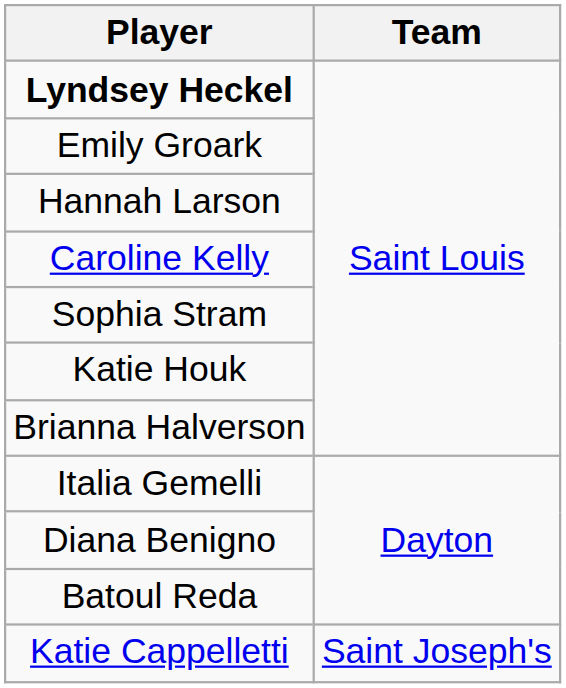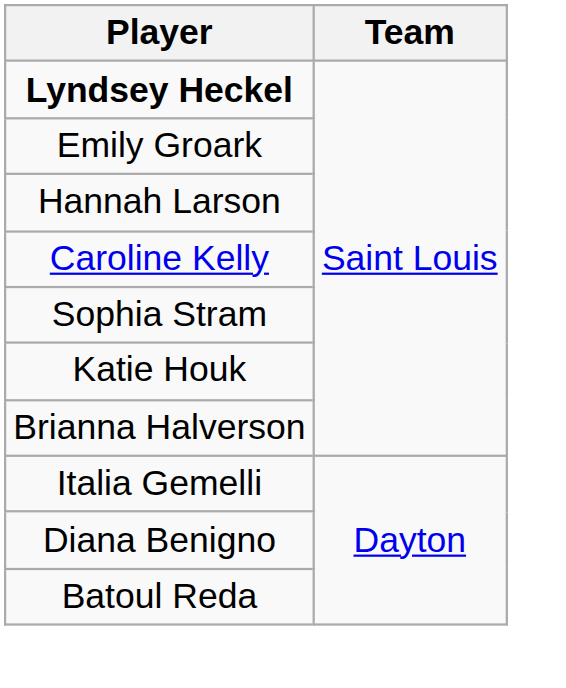 <table class="wikitable" style="text-align: center;">
 <tr>
 <th>Player</th>
 <th>Team</th>
 </tr>
 <tr>
 <td><strong>Lyndsey Heckel</strong></td>
 <td rowspan=7><a href='#'>Saint Louis</a></td>
 </tr>
 <tr>
 <td>Emily Groark</td>
 </tr>
 <tr>
 <td>Hannah Larson</td>
 </tr>
 <tr>
 <td><a href='#'>Caroline Kelly</a></td>
 </tr>
 <tr>
 <td>Sophia Stram</td>
 </tr>
 <tr>
 <td>Katie Houk</td>
 </tr>
 <tr>
 <td>Brianna Halverson</td>
 </tr>
 <tr>
 <td>Italia Gemelli</td>
 <td rowspan=3><a href='#'>Dayton</a></td>
 </tr>
 <tr>
 <td>Diana Benigno</td>
 </tr>
 <tr>
 <td>Batoul Reda</td>
 </tr>
-<tr>
-<td><a href='#'>Katie Cappelletti</a></td>
-<td><a href='#'>Saint Joseph's</a></td>
-</tr>
 </table>
